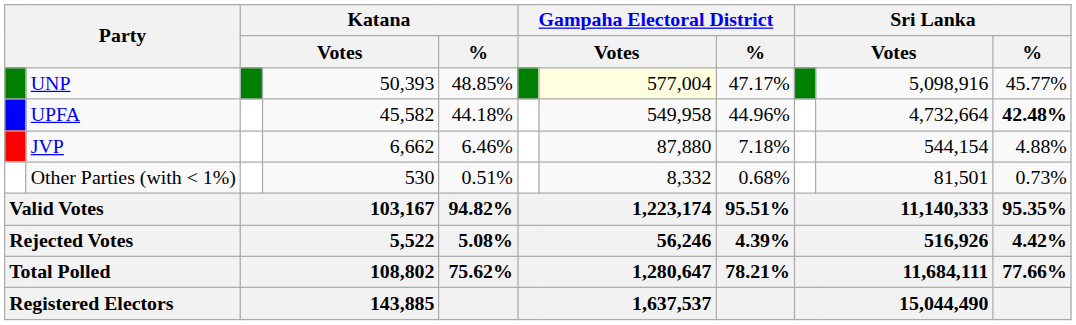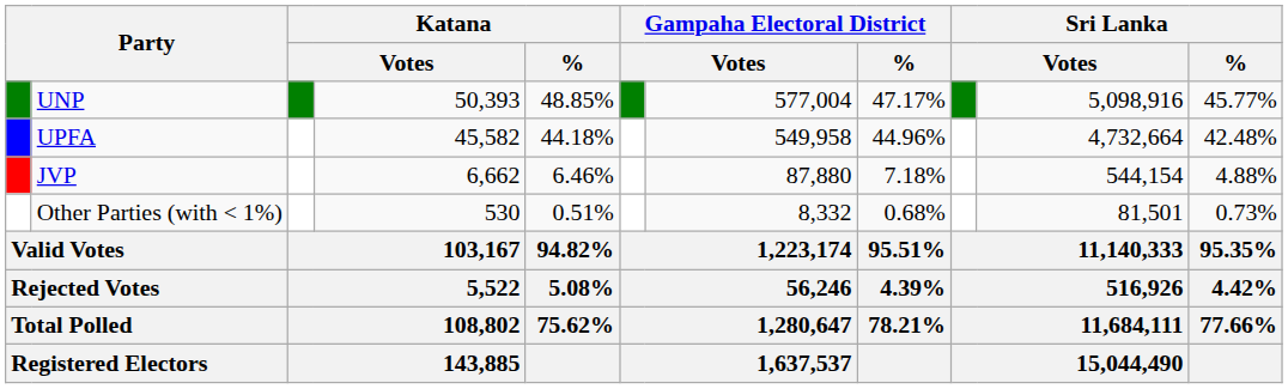 <table class="wikitable">
 <tr>
 <th colspan="2" width="144px"rowspan="2">Party</th>
 <th colspan="3" width="216px">Katana</th>
 <th colspan="3" width="216px"><a href='#'>Gampaha Electoral District</a></th>
 <th colspan="3" width="216px">Sri Lanka</th>
 </tr>
 <tr>
 <th colspan="2" width="144px">Votes</th>
 <th>%</th>
 <th colspan="2" width="144px">Votes</th>
 <th>%</th>
 <th colspan="2" width="144px">Votes</th>
 <th>%</th>
 </tr>
 <tr>
 <td style="background-color:green;" width="10px"></td>
 <td style="text-align:left;"><a href='#'>UNP</a></td>
 <td style="background-color:green;" width="10px"></td>
 <td style="text-align:right;">50,393</td>
 <td style="text-align:right;">48.85%</td>
 <td style="background-color:green;" width="10px"></td>
-<td style="background: lightyellow; text-align:right;">577,004</td>
+<td style="text-align:right;">577,004</td>
 <td style="text-align:right;">47.17%</td>
 <td style="background-color:green;" width="10px"></td>
 <td style="text-align:right;">5,098,916</td>
 <td style="text-align:right;">45.77%</td>
 </tr>
 <tr>
 <td style="background-color:blue;" width="10px"></td>
 <td style="text-align:left;"><a href='#'>UPFA</a></td>
 <td style="background-color:white;" width="10px"></td>
 <td style="text-align:right;">45,582</td>
 <td style="text-align:right;">44.18%</td>
 <td style="background-color:white;" width="10px"></td>
 <td style="text-align:right;">549,958</td>
 <td style="text-align:right;">44.96%</td>
 <td style="background-color:white;" width="10px"></td>
 <td style="text-align:right;">4,732,664</td>
-<td style="text-align:right;"><strong>42.48%</strong></td>
+<td style="text-align:right;">42.48%</td>
 </tr>
 <tr>
 <td style="background-color:red;" width="10px"></td>
 <td style="text-align:left;"><a href='#'>JVP</a></td>
 <td style="background-color:white;" width="10px"></td>
 <td style="text-align:right;">6,662</td>
 <td style="text-align:right;">6.46%</td>
 <td style="background-color:white;" width="10px"></td>
 <td style="text-align:right;">87,880</td>
 <td style="text-align:right;">7.18%</td>
 <td style="background-color:white;" width="10px"></td>
 <td style="text-align:right;">544,154</td>
 <td style="text-align:right;">4.88%</td>
 </tr>
 <tr>
 <td style="background-color:white;" width="10px"></td>
 <td style="text-align:left;">Other Parties (with < 1%)</td>
 <td style="background-color:white;" width="10px"></td>
 <td style="text-align:right;">530</td>
 <td style="text-align:right;">0.51%</td>
 <td style="background-color:white;" width="10px"></td>
 <td style="text-align:right;">8,332</td>
 <td style="text-align:right;">0.68%</td>
 <td style="background-color:white;" width="10px"></td>
 <td style="text-align:right;">81,501</td>
 <td style="text-align:right;">0.73%</td>
 </tr>
 <tr>
 <th colspan="2" width="144px"style="text-align:left;">Valid Votes</th>
 <th style="text-align:right;"colspan="2" width="144px">103,167</th>
 <th style="text-align:right;">94.82%</th>
 <th style="text-align:right;"colspan="2" width="144px">1,223,174</th>
 <th style="text-align:right;">95.51%</th>
 <th style="text-align:right;"colspan="2" width="144px">11,140,333</th>
 <th style="text-align:right;">95.35%</th>
 </tr>
 <tr>
 <th colspan="2" width="144px"style="text-align:left;">Rejected Votes</th>
 <th style="text-align:right;"colspan="2" width="144px">5,522</th>
 <th style="text-align:right;">5.08%</th>
 <th style="text-align:right;"colspan="2" width="144px">56,246</th>
 <th style="text-align:right;">4.39%</th>
 <th style="text-align:right;"colspan="2" width="144px">516,926</th>
 <th style="text-align:right;">4.42%</th>
 </tr>
 <tr>
 <th colspan="2" width="144px"style="text-align:left;">Total Polled</th>
 <th style="text-align:right;"colspan="2" width="144px">108,802</th>
 <th style="text-align:right;">75.62%</th>
 <th style="text-align:right;"colspan="2" width="144px">1,280,647</th>
 <th style="text-align:right;">78.21%</th>
 <th style="text-align:right;"colspan="2" width="144px">11,684,111</th>
 <th style="text-align:right;">77.66%</th>
 </tr>
 <tr>
 <th colspan="2" width="144px"style="text-align:left;">Registered Electors</th>
 <th style="text-align:right;"colspan="2" width="144px">143,885</th>
 <th></th>
 <th style="text-align:right;"colspan="2" width="144px">1,637,537</th>
 <th></th>
 <th style="text-align:right;"colspan="2" width="144px">15,044,490</th>
 <th></th>
 </tr>
 </table>
